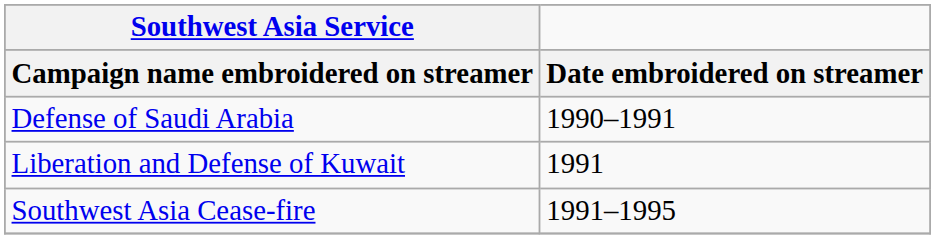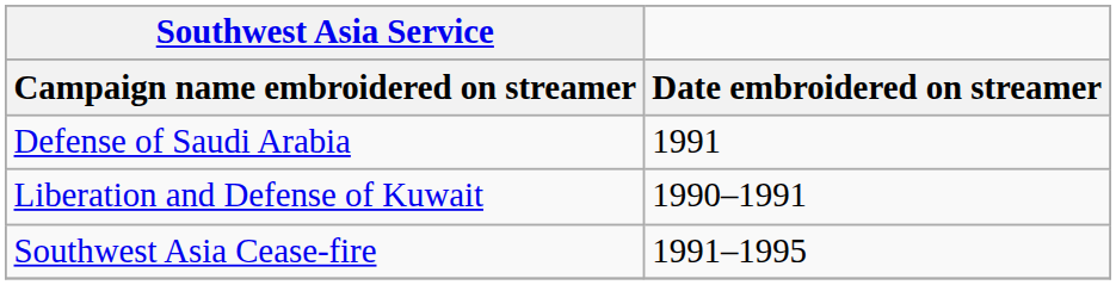 <table class="wikitable">
 <tr>
 <th><a href='#'>Southwest Asia Service</a></th>
 <td colspan="2"></td>
 </tr>
 <tr>
 <th>Campaign name embroidered on streamer</th>
 <th>Date embroidered on streamer</th>
 </tr>
 <tr>
 <td><a href='#'>Defense of Saudi Arabia</a></td>
-<td>1990–1991</td>
+<td>1991</td>
 </tr>
 <tr>
 <td><a href='#'>Liberation and Defense of Kuwait</a></td>
-<td>1991</td>
+<td>1990–1991</td>
 </tr>
 <tr>
 <td><a href='#'>Southwest Asia Cease-fire</a></td>
 <td>1991–1995</td>
 </tr>
 <tr>
 </tr>
 </table>
